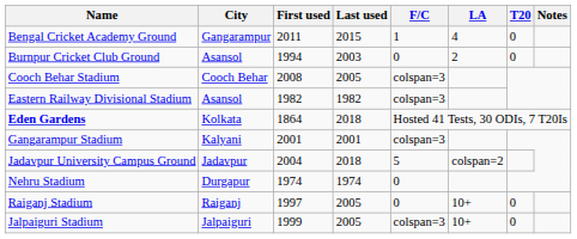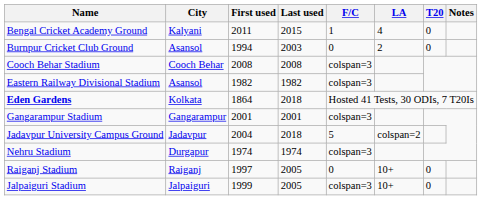 <table class="wikitable sortable collapsible static-row-numbers" style="font-size: 90%">
 <tr>
 <th>Name</th>
 <th>City</th>
 <th>First used</th>
 <th>Last used</th>
 <th><a href='#'>F/C</a></th>
 <th><a href='#'>LA</a></th>
 <th><a href='#'>T20</a></th>
 <th>Notes</th>
 </tr>
 <tr>
 <td><a href='#'>Bengal Cricket Academy Ground</a></td>
-<td><a href='#'>Gangarampur</a></td>
+<td><a href='#'>Kalyani</a></td>
 <td>2011</td>
 <td>2015</td>
 <td>1</td>
 <td>4</td>
 <td>0</td>
 <td></td>
 </tr>
 <tr>
 <td><a href='#'>Burnpur Cricket Club Ground</a></td>
 <td><a href='#'>Asansol</a></td>
 <td>1994</td>
 <td>2003</td>
 <td>0</td>
 <td>2</td>
 <td>0</td>
 <td></td>
 </tr>
 <tr>
 <td><a href='#'>Cooch Behar Stadium</a></td>
 <td><a href='#'>Cooch Behar</a></td>
 <td>2008</td>
-<td>2005</td>
+<td>2008</td>
 <td>colspan=3 </td>
 <td></td>
 </tr>
 <tr>
 <td><a href='#'>Eastern Railway Divisional Stadium</a></td>
 <td><a href='#'>Asansol</a></td>
 <td>1982</td>
 <td>1982</td>
 <td>colspan=3 </td>
 <td></td>
 </tr>
 <tr>
 <td><strong><a href='#'>Eden Gardens</a></strong></td>
 <td><a href='#'>Kolkata</a></td>
 <td>1864</td>
 <td>2018</td>
 <td colspan=5>Hosted 41 Tests, 30 ODIs, 7 T20Is</td>
 </tr>
 <tr>
 <td><a href='#'>Gangarampur Stadium</a></td>
-<td><a href='#'>Kalyani</a></td>
+<td><a href='#'>Gangarampur</a></td>
 <td>2001</td>
 <td>2001</td>
 <td>colspan=3 </td>
 <td></td>
 </tr>
 <tr>
 <td><a href='#'>Jadavpur University Campus Ground</a></td>
 <td><a href='#'>Jadavpur</a></td>
 <td>2004</td>
 <td>2018</td>
 <td>5</td>
 <td>colspan=2 </td>
 <td></td>
 </tr>
 <tr>
 <td><a href='#'>Nehru Stadium</a></td>
 <td><a href='#'>Durgapur</a></td>
 <td>1974</td>
 <td>1974</td>
-<td>0</td>
+<td>colspan=3 </td>
 <td></td>
 </tr>
 <tr>
 <td><a href='#'>Raiganj Stadium</a></td>
 <td><a href='#'>Raiganj</a></td>
 <td>1997</td>
 <td>2005</td>
 <td>0</td>
 <td>10+</td>
 <td>0</td>
 <td></td>
 </tr>
 <tr>
 <td><a href='#'>Jalpaiguri Stadium</a></td>
 <td><a href='#'>Jalpaiguri</a></td>
 <td>1999</td>
 <td>2005</td>
 <td>colspan=3 </td>
 <td>10+</td>
 <td>0</td>
 <td></td>
 </tr>
 </table>
